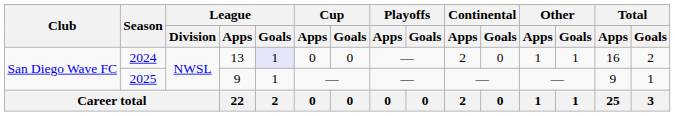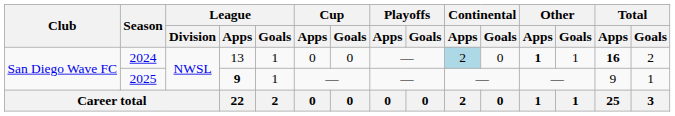 <table class="wikitable" style="text-align: center;">
 <tr>
 <th rowspan="2">Club</th>
 <th rowspan="2">Season</th>
 <th colspan="3">League</th>
 <th colspan="2">Cup</th>
 <th colspan="2">Playoffs</th>
 <th colspan="2">Continental</th>
 <th colspan="2">Other</th>
 <th colspan="2">Total</th>
 </tr>
 <tr>
 <th>Division</th>
 <th>Apps</th>
 <th>Goals</th>
 <th>Apps</th>
 <th>Goals</th>
 <th>Apps</th>
 <th>Goals</th>
 <th>Apps</th>
 <th>Goals</th>
 <th>Apps</th>
 <th>Goals</th>
 <th>Apps</th>
 <th>Goals</th>
 </tr>
 <tr>
 <td rowspan="2"><a href='#'>San Diego Wave FC</a></td>
 <td><a href='#'>2024</a></td>
 <td rowspan="2"><a href='#'>NWSL</a></td>
 <td>13</td>
-<td style="background: lavender;">1</td>
+<td>1</td>
 <td>0</td>
 <td>0</td>
 <td colspan="2">—</td>
-<td>2</td>
+<td style="background: lightblue;">2</td>
 <td>0</td>
+<td><strong>1</strong></td>
 <td>1</td>
-<td>1</td>
-<td>16</td>
+<td><strong>16</strong></td>
 <td>2</td>
 </tr>
 <tr>
 <td><a href='#'>2025</a></td>
-<td>9</td>
+<td><strong>9</strong></td>
 <td>1</td>
 <td colspan="2">—</td>
 <td colspan="2">—</td>
 <td colspan="2">—</td>
 <td colspan="2">—</td>
 <td>9</td>
 <td>1</td>
 </tr>
 <tr>
 <th colspan="3">Career total</th>
 <th>22</th>
 <th>2</th>
 <th>0</th>
 <th>0</th>
 <th>0</th>
 <th>0</th>
 <th>2</th>
 <th>0</th>
 <th>1</th>
 <th>1</th>
 <th>25</th>
 <th>3</th>
 </tr>
 </table>
